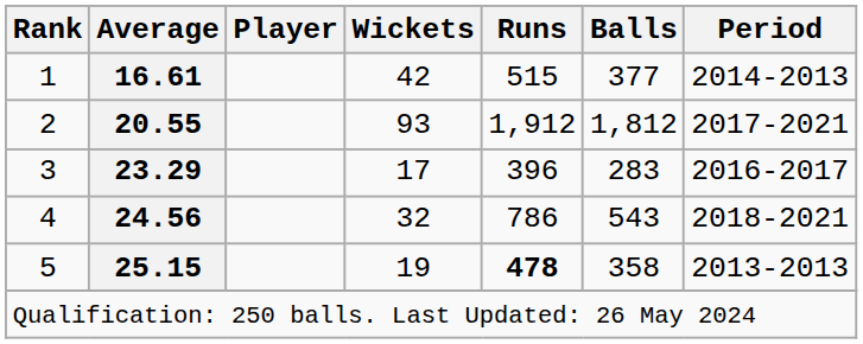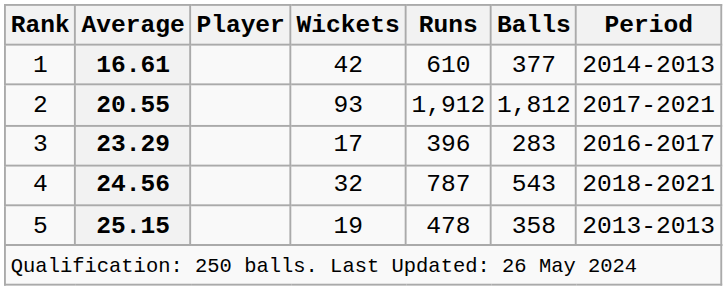 <table class="wikitable">
 <tr>
 <th style="text-align:center;">Rank</th>
 <th style="text-align:center;">Average</th>
 <th style="text-align:center;">Player</th>
 <th style="text-align:center;">Wickets</th>
 <th style="text-align:center;">Runs</th>
 <th style="text-align:center;">Balls</th>
 <th style="text-align:center;">Period</th>
 </tr>
 <tr>
 <td align=center>1</td>
 <th scope=row style=text-align:center;>16.61</th>
 <td></td>
 <td align=center>42</td>
-<td align=center>515</td>
+<td align=center>610</td>
 <td align=center>377</td>
 <td>2014-2013</td>
 </tr>
 <tr>
 <td align=center>2</td>
 <th scope=row style=text-align:center;>20.55</th>
 <td></td>
 <td align=center>93</td>
 <td align=center>1,912</td>
 <td align=center>1,812</td>
 <td>2017-2021</td>
 </tr>
 <tr>
 <td align=center>3</td>
 <th scope=row style=text-align:center;>23.29</th>
 <td></td>
 <td align=center>17</td>
 <td align=center>396</td>
 <td align=center>283</td>
 <td>2016-2017</td>
 </tr>
 <tr>
 <td align=center>4</td>
 <th scope=row style=text-align:center;>24.56</th>
 <td></td>
 <td align=center>32</td>
-<td align=center>786</td>
+<td align=center>787</td>
 <td align=center>543</td>
 <td>2018-2021</td>
 </tr>
 <tr>
 <td align=center>5</td>
 <th scope=row style=text-align:center;>25.15</th>
 <td></td>
 <td align=center>19</td>
-<td align=center><strong>478</strong></td>
+<td align=center>478</td>
 <td align=center>358</td>
 <td>2013-2013</td>
 </tr>
 <tr>
 </tr>
 <tr class=sortbottom>
 <td colspan=7><small>Qualification: 250 balls. Last Updated: 26 May 2024</small></td>
 </tr>
 </table>
